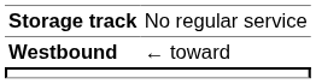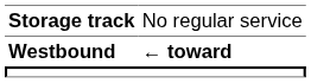 <table border="0" cellspacing="0" cellpadding="3">
 <tr>
 <td style="border-top:solid 1px gray"><strong>Storage track</strong></td>
 <td style="border-top:solid 1px gray"> No regular service</td>
 </tr>
 <tr>
 <td style="border-top:solid 1px gray"><strong>Westbound</strong></td>
-<td style="border-top:solid 1px gray">←  toward  </td>
+<td style="border-top:solid 1px gray"><strong>←  toward  </strong></td>
 </tr>
 <tr>
 <td colspan="2" style="border-top:solid 2px black;border-right:solid 2px black;border-left:solid 2px black;border-bottom:solid 1px gray;text-align:center"></td>
 </tr>
 </table>
